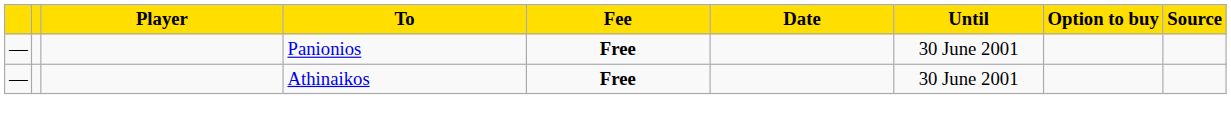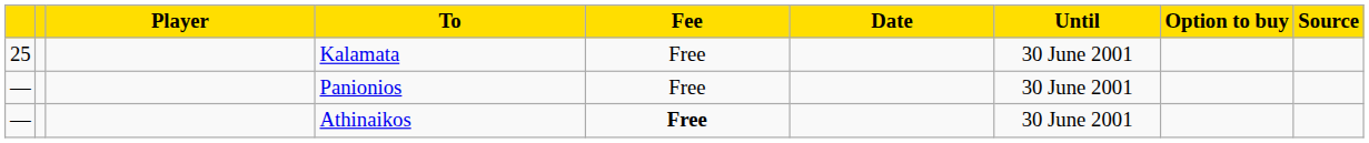 <table class="wikitable sortable">
 <tr>
 <th style="background:#FFDE00"></th>
 <th style="background:#FFDE00"></th>
 <th width=200 style="background:#FFDE00">Player</th>
 <th width=200 style="background:#FFDE00">To</th>
 <th width=150 style="background:#FFDE00">Fee</th>
 <th width=150 style="background:#FFDE00">Date</th>
 <th width=120 style="background:#FFDE00">Until</th>
 <th style="background:#FFDE00">Option to buy</th>
 <th style="background:#FFDE00">Source</th>
 </tr>
 <tr>
+<td align=center>25</td>
+<td align=center></td>
+<td></td>
+<td> <a href='#'>Kalamata</a></td>
+<td align=center>Free</td>
+<td align=center></td>
+<td align=center>30 June 2001</td>
+<td align=center></td>
+<td align=center></td>
+</tr>
+<tr>
 <td align=center>—</td>
 <td align=center></td>
 <td></td>
 <td> <a href='#'>Panionios</a></td>
-<td align=center><strong>Free</strong></td>
+<td align=center>Free</td>
 <td align=center></td>
 <td align=center>30 June 2001</td>
 <td align=center></td>
 <td align=center></td>
 </tr>
 <tr>
 <td align=center>—</td>
 <td align=center></td>
 <td></td>
 <td> <a href='#'>Athinaikos</a></td>
 <td align=center><strong>Free</strong></td>
 <td align=center></td>
 <td align=center>30 June 2001</td>
 <td align=center></td>
 <td align=center></td>
 </tr>
 </table>
